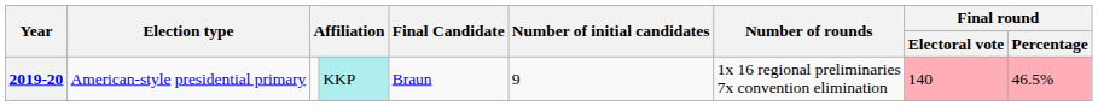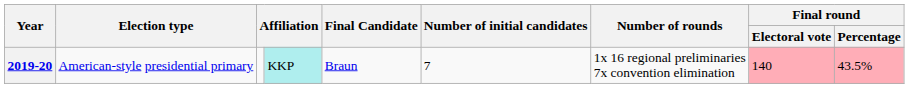 <table class="wikitable">
 <tr>
 <th rowspan=2>Year</th>
 <th rowspan=2>Election type</th>
 <th rowspan=2 colspan=2>Affiliation</th>
 <th rowspan=2>Final Candidate</th>
 <th rowspan=2>Number of initial candidates</th>
 <th rowspan=2>Number of rounds</th>
 <th colspan=2>Final round</th>
 </tr>
 <tr>
 <th>Electoral vote</th>
 <th>Percentage</th>
 </tr>
 <tr>
 <th><a href='#'>2019-20</a></th>
 <td><a href='#'>American-style</a> <a href='#'>presidential primary</a></td>
 <td style="width:2px;background:"></td>
 <td style="background: paleturquoise;">KKP</td>
 <td><a href='#'>Braun</a></td>
-<td>9</td>
+<td>7</td>
 <td>1x 16 regional preliminaries <br> 7x convention elimination</td>
 <td style="background:#FFADB7">140</td>
-<td style="background:#FFADB7">46.5%</td>
+<td style="background:#FFADB7">43.5%</td>
 </tr>
 </table>
